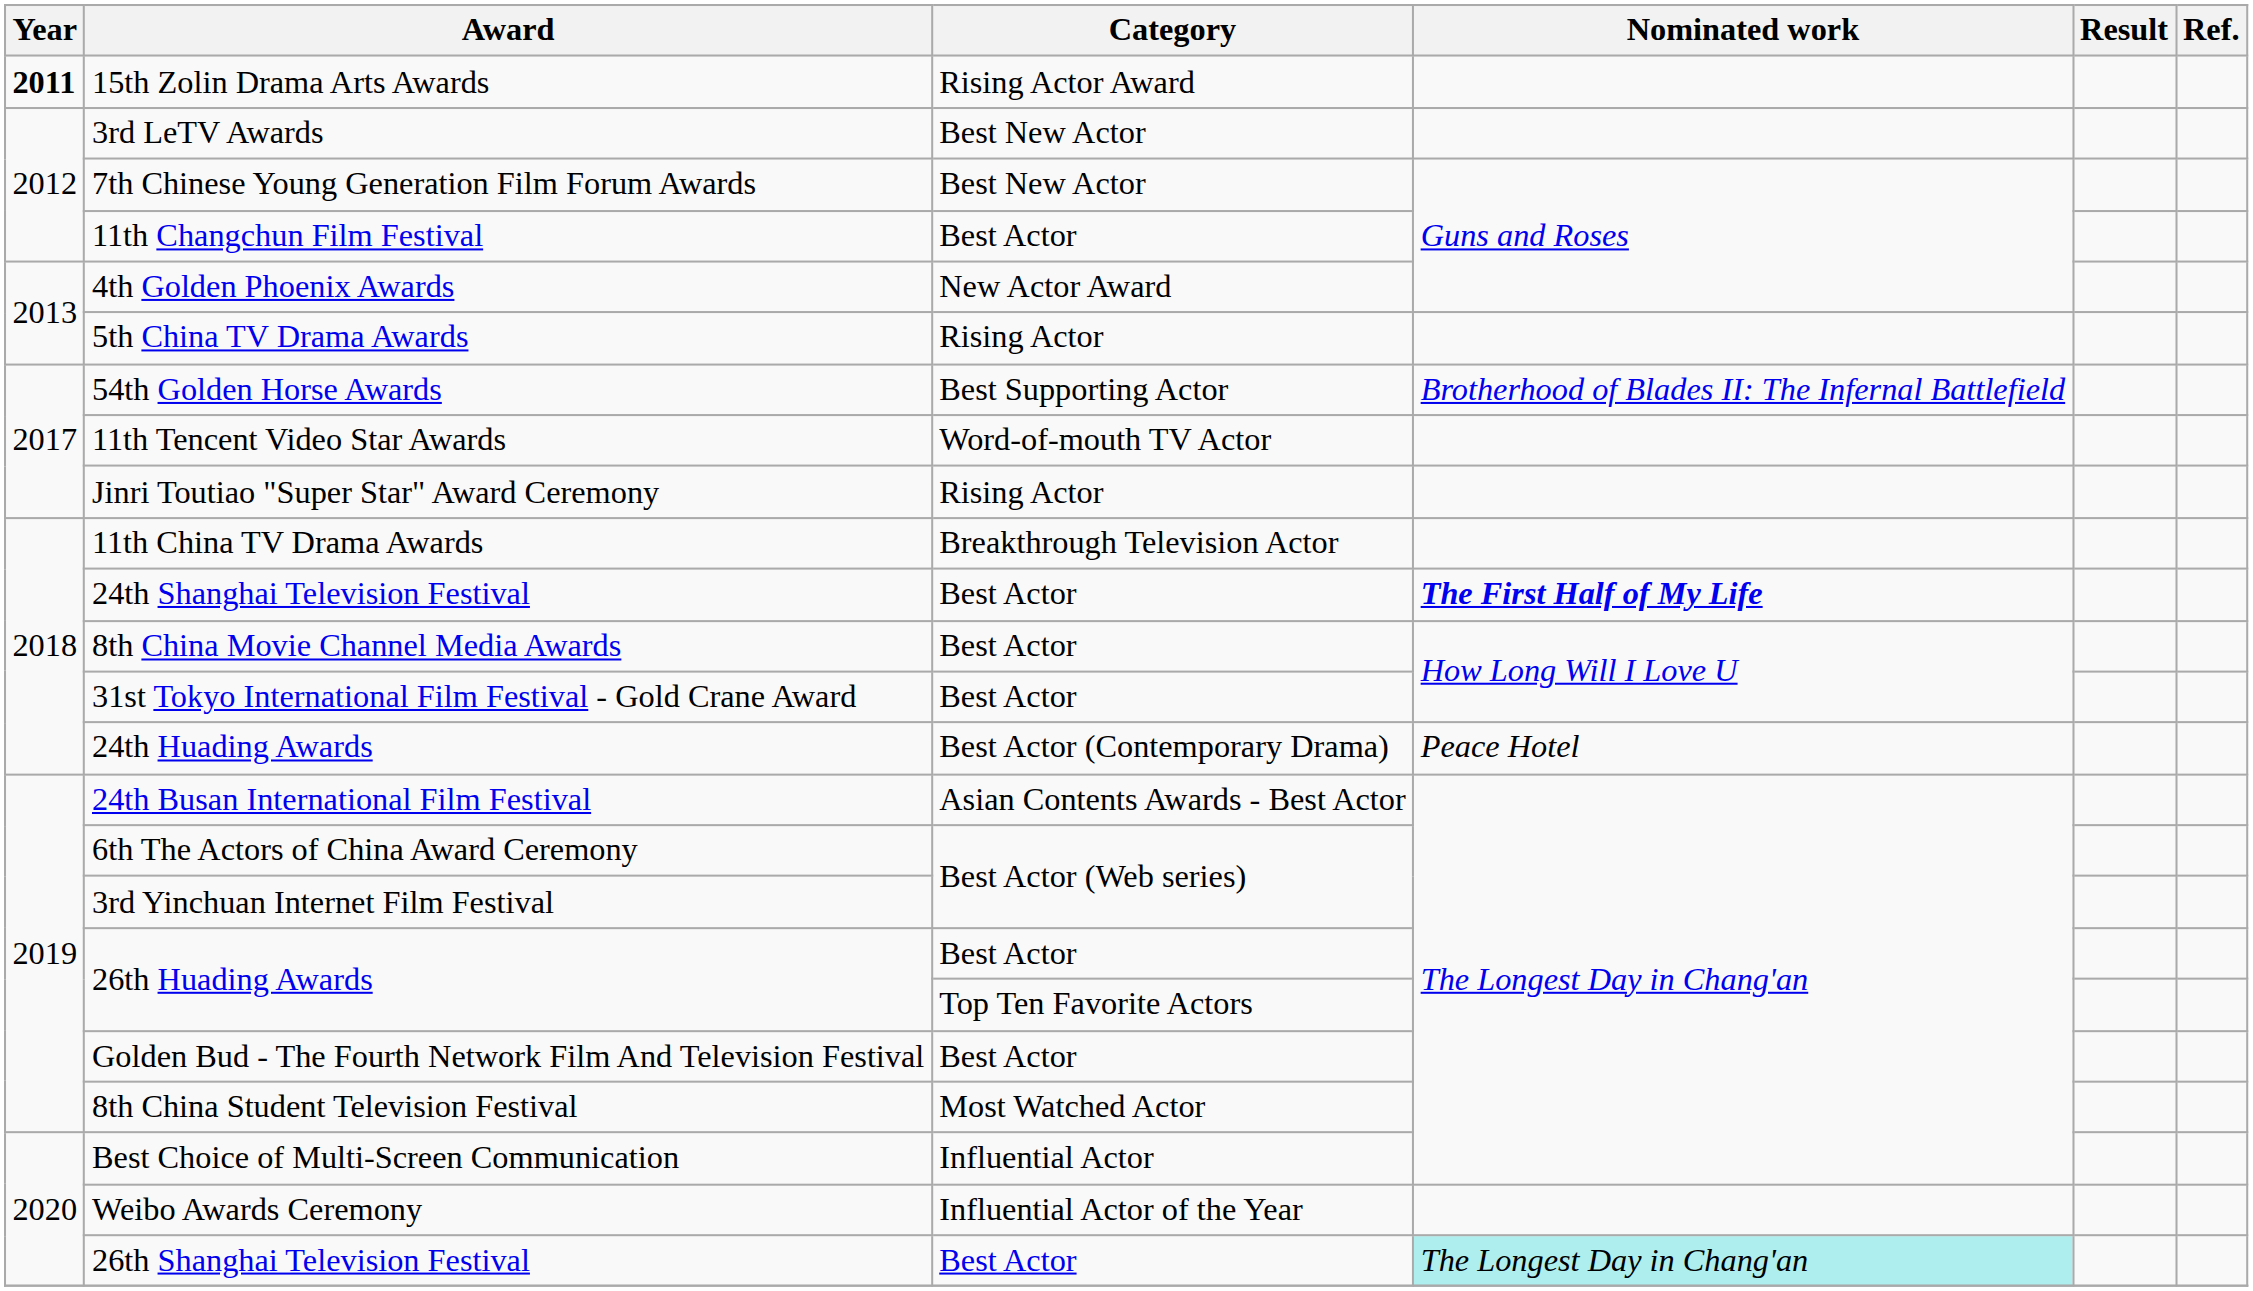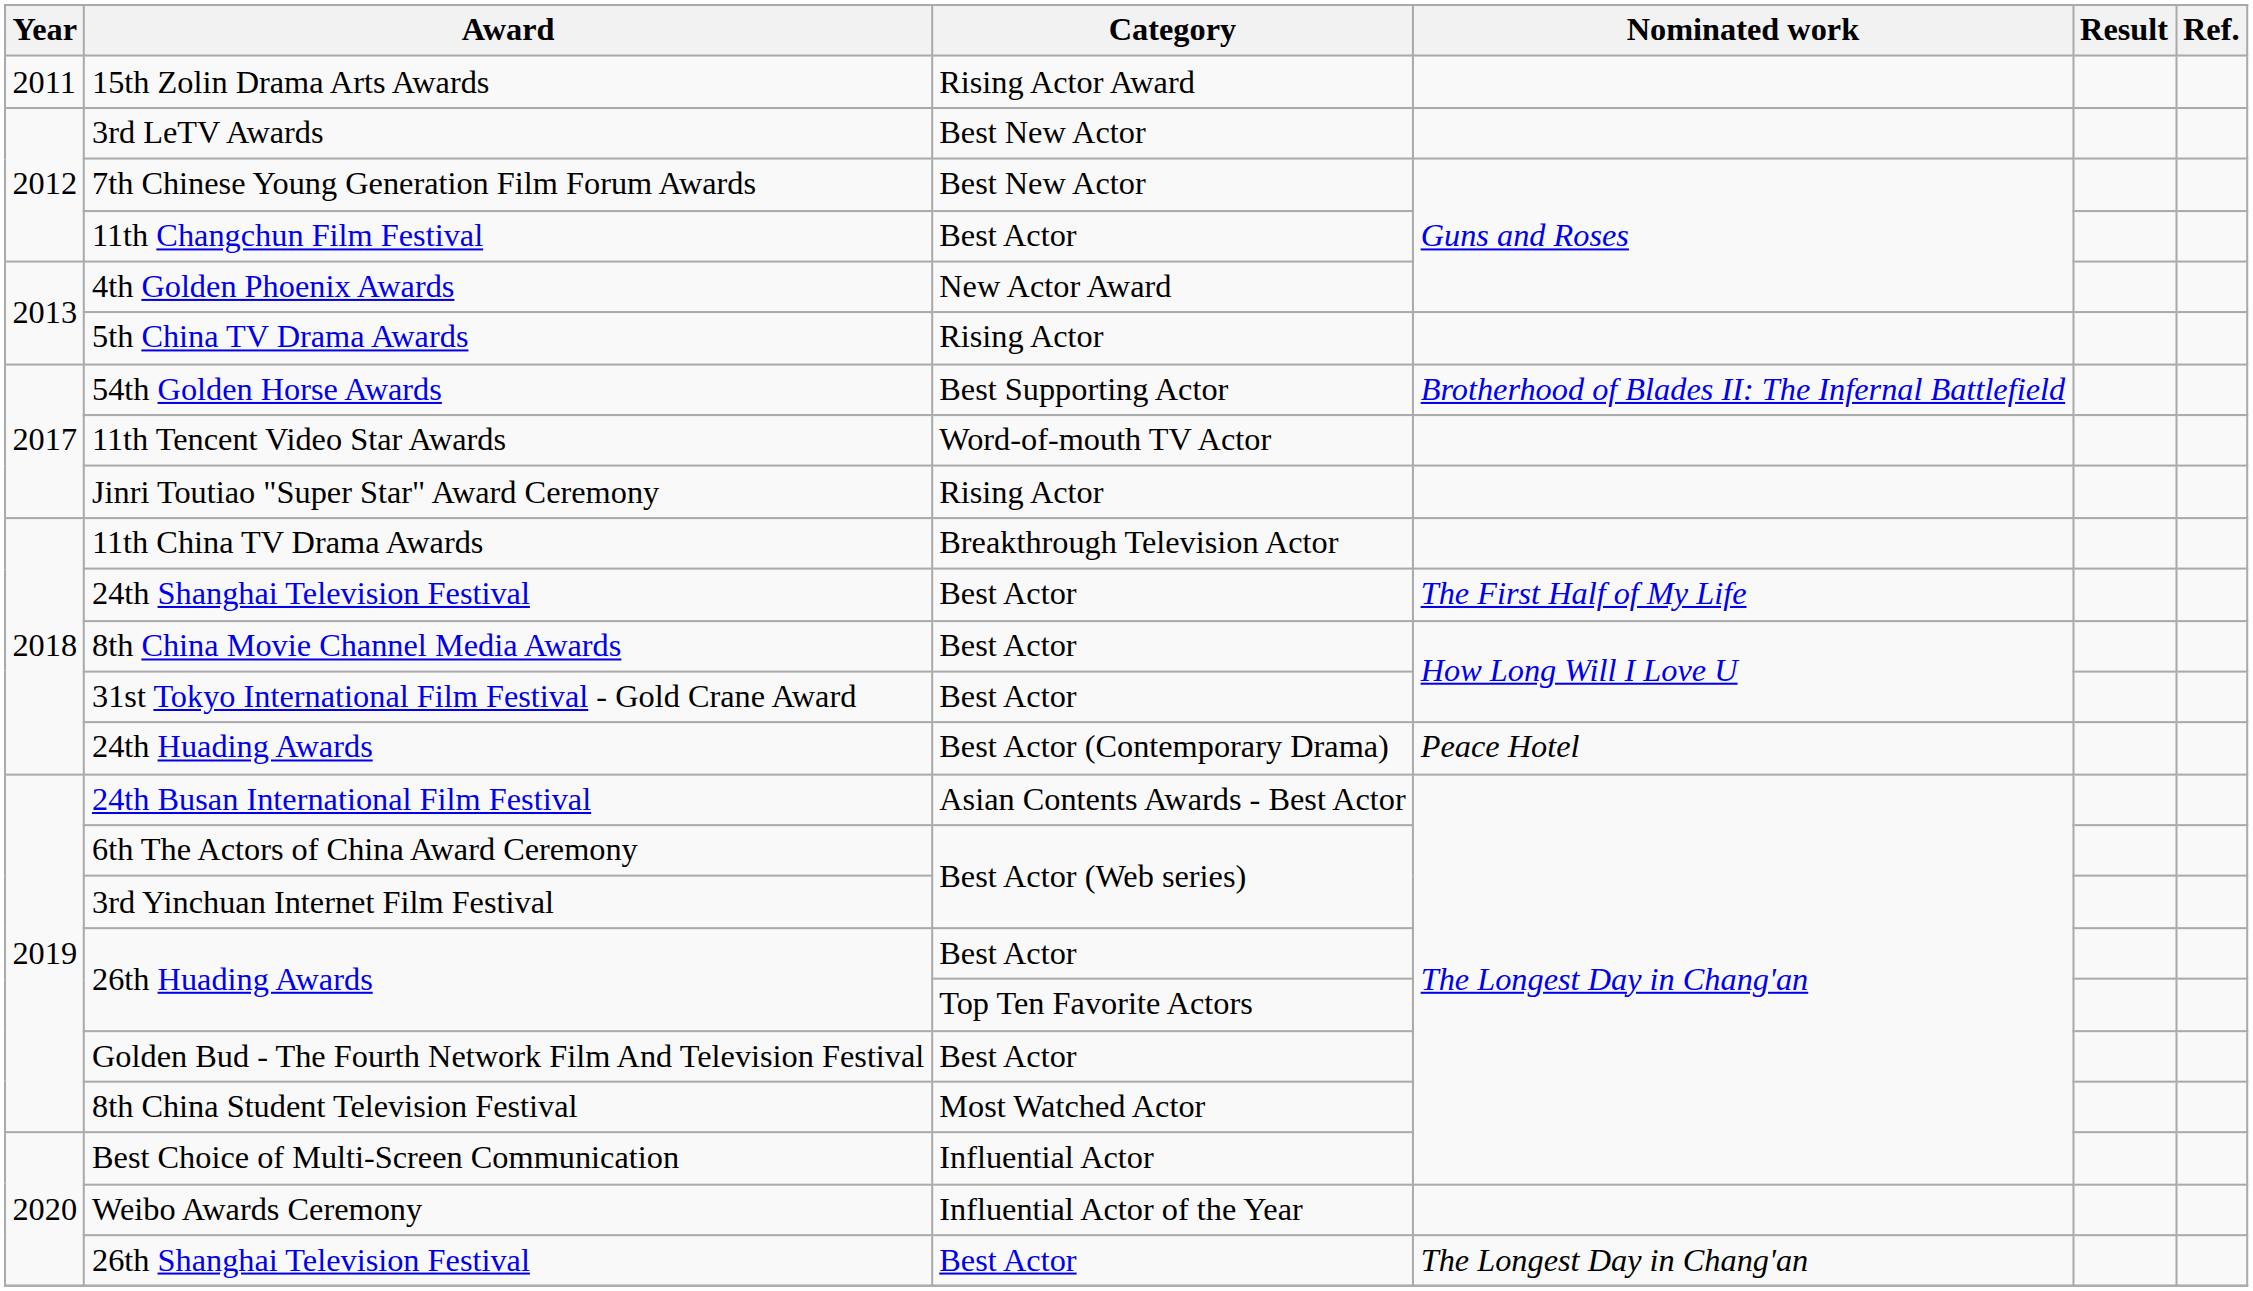 <table class="wikitable">
 <tr>
 <th>Year</th>
 <th>Award</th>
 <th>Category</th>
 <th>Nominated work</th>
 <th>Result</th>
 <th>Ref.</th>
 </tr>
 <tr>
-<td><strong>2011</strong></td>
+<td>2011</td>
 <td>15th Zolin Drama Arts Awards</td>
 <td>Rising Actor Award</td>
 <td></td>
 <td></td>
 <td></td>
 </tr>
 <tr>
 <td rowspan=3>2012</td>
 <td>3rd LeTV Awards</td>
 <td>Best New Actor</td>
 <td></td>
 <td></td>
 <td></td>
 </tr>
 <tr>
 <td>7th Chinese Young Generation Film Forum Awards</td>
 <td>Best New Actor</td>
 <td rowspan=3><em><a href='#'>Guns and Roses</a></em></td>
 <td></td>
 <td></td>
 </tr>
 <tr>
 <td>11th <a href='#'>Changchun Film Festival</a></td>
 <td>Best Actor</td>
 <td></td>
 <td></td>
 </tr>
 <tr>
 <td rowspan=2>2013</td>
 <td>4th <a href='#'>Golden Phoenix Awards</a></td>
 <td>New Actor Award</td>
 <td></td>
 <td></td>
 </tr>
 <tr>
 <td>5th <a href='#'>China TV Drama Awards</a></td>
 <td>Rising Actor</td>
 <td></td>
 <td></td>
 <td></td>
 </tr>
 <tr>
 <td rowspan=3>2017</td>
 <td>54th <a href='#'>Golden Horse Awards</a></td>
 <td>Best Supporting Actor</td>
 <td><em><a href='#'>Brotherhood of Blades II: The Infernal Battlefield</a></em></td>
 <td></td>
 <td></td>
 </tr>
 <tr>
 <td>11th Tencent Video Star Awards</td>
 <td>Word-of-mouth TV Actor</td>
 <td></td>
 <td></td>
 <td></td>
 </tr>
 <tr>
 <td>Jinri Toutiao "Super Star" Award Ceremony</td>
 <td>Rising Actor</td>
 <td></td>
 <td></td>
 <td></td>
 </tr>
 <tr>
 <td rowspan=5>2018</td>
 <td>11th China TV Drama Awards</td>
 <td>Breakthrough Television Actor</td>
 <td></td>
 <td></td>
 <td></td>
 </tr>
 <tr>
 <td>24th <a href='#'>Shanghai Television Festival</a></td>
 <td>Best Actor</td>
-<td><strong><em><a href='#'>The First Half of My Life</a></em></strong></td>
+<td><em><a href='#'>The First Half of My Life</a></em></td>
 <td></td>
 <td></td>
 </tr>
 <tr>
 <td>8th <a href='#'>China Movie Channel Media Awards</a></td>
 <td>Best Actor</td>
 <td rowspan=2><em><a href='#'>How Long Will I Love U</a></em></td>
 <td></td>
 <td></td>
 </tr>
 <tr>
 <td>31st <a href='#'>Tokyo International Film Festival</a> - Gold Crane Award</td>
 <td>Best Actor</td>
 <td></td>
 <td></td>
 </tr>
 <tr>
 <td>24th <a href='#'>Huading Awards</a></td>
 <td>Best Actor (Contemporary Drama)</td>
 <td><em>Peace Hotel</em></td>
 <td></td>
 <td></td>
 </tr>
 <tr>
 <td rowspan=7>2019</td>
 <td><a href='#'>24th Busan International Film Festival</a></td>
 <td>Asian Contents Awards - Best Actor</td>
 <td rowspan=8><em><a href='#'>The Longest Day in Chang'an</a></em></td>
 <td></td>
 <td></td>
 </tr>
 <tr>
 <td>6th The Actors of China Award Ceremony</td>
 <td rowspan=2>Best Actor (Web series)</td>
 <td></td>
 <td></td>
 </tr>
 <tr>
 <td>3rd Yinchuan Internet Film Festival</td>
 <td></td>
 <td></td>
 </tr>
 <tr>
 <td rowspan=2>26th <a href='#'>Huading Awards</a></td>
 <td>Best Actor</td>
 <td></td>
 <td></td>
 </tr>
 <tr>
 <td>Top Ten Favorite Actors</td>
 <td></td>
 <td></td>
 </tr>
 <tr>
 <td>Golden Bud - The Fourth Network Film And Television Festival</td>
 <td>Best Actor</td>
 <td></td>
 <td></td>
 </tr>
 <tr>
 <td>8th China Student Television Festival</td>
 <td>Most Watched Actor</td>
 <td></td>
 <td></td>
 </tr>
 <tr>
 <td rowspan=3>2020</td>
 <td>Best Choice of Multi-Screen Communication</td>
 <td>Influential Actor</td>
 <td></td>
 <td></td>
 </tr>
 <tr>
 <td>Weibo Awards Ceremony</td>
 <td>Influential Actor of the Year</td>
 <td></td>
 <td></td>
 <td></td>
 </tr>
 <tr>
 <td>26th <a href='#'>Shanghai Television Festival</a></td>
 <td><a href='#'>Best Actor</a></td>
-<td style="background: paleturquoise;"><em>The Longest Day in Chang'an</em></td>
+<td><em>The Longest Day in Chang'an</em></td>
 <td></td>
 <td></td>
 </tr>
 <tr>
 </tr>
 </table>
